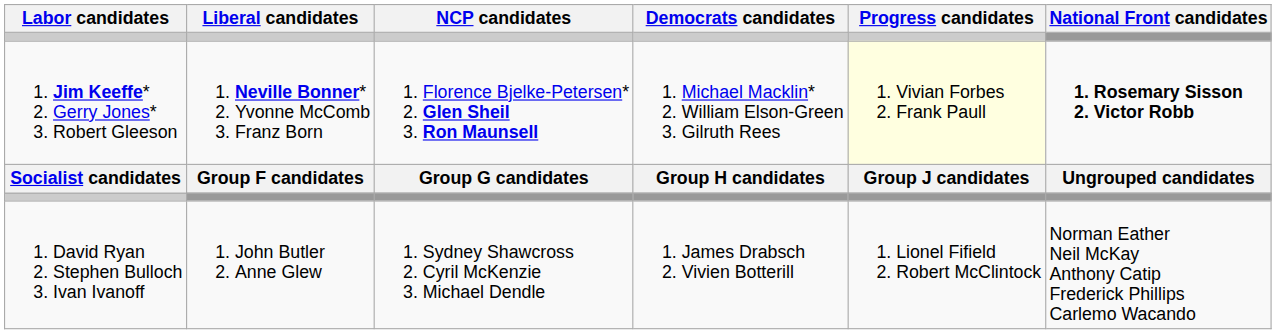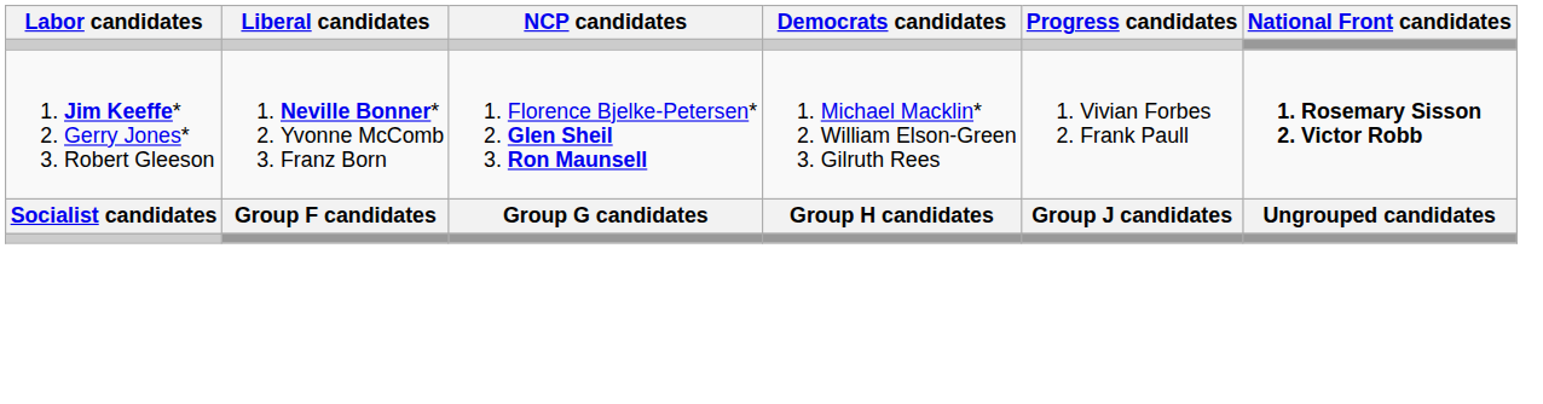 <table class="wikitable">
 <tr>
 <th><a href='#'>Labor</a> candidates</th>
 <th><a href='#'>Liberal</a> candidates</th>
 <th><a href='#'>NCP</a> candidates</th>
 <th><a href='#'>Democrats</a> candidates</th>
 <th><a href='#'>Progress</a> candidates</th>
 <th><a href='#'>National Front</a> candidates</th>
 </tr>
 <tr bgcolor="#cccccc">
 <td></td>
 <td></td>
 <td></td>
 <td></td>
 <td></td>
 <td bgcolor="#999999"></td>
 </tr>
 <tr>
 <td><br><ol><li><strong><a href='#'>Jim Keeffe</a></strong>*</li><li><a href='#'>Gerry Jones</a>*</li><li>Robert Gleeson</li></ol></td>
 <td><br><ol><li><strong><a href='#'>Neville Bonner</a></strong>*</li><li>Yvonne McComb</li><li>Franz Born</li></ol></td>
 <td><br><ol><li><a href='#'>Florence Bjelke-Petersen</a>*</li><li><strong><a href='#'>Glen Sheil</a></strong></li><li><strong><a href='#'>Ron Maunsell</a></strong></li></ol></td>
 <td><br><ol><li><a href='#'>Michael Macklin</a>*</li><li>William Elson-Green</li><li>Gilruth Rees</li></ol></td>
-<td valign=top style="background: lightyellow;"><br><ol><li>Vivian Forbes</li><li>Frank Paull</li></ol></td>
+<td valign=top><br><ol><li>Vivian Forbes</li><li>Frank Paull</li></ol></td>
 <td valign=top><strong><br><ol><li>Rosemary Sisson</li><li>Victor Robb</li></ol></strong></td>
 </tr>
 <tr bgcolor="#cccccc">
 <th><a href='#'>Socialist</a> candidates</th>
 <th>Group F candidates</th>
 <th>Group G candidates</th>
 <th>Group H candidates</th>
 <th>Group J candidates</th>
 <th>Ungrouped candidates</th>
 </tr>
 <tr bgcolor="#cccccc">
 <td></td>
 <td bgcolor="#999999"></td>
 <td bgcolor="#999999"></td>
 <td bgcolor="#999999"></td>
 <td bgcolor="#999999"></td>
 <td bgcolor="#999999"></td>
 </tr>
-<tr>
-<td valign=top><br><ol><li>David Ryan</li><li>Stephen Bulloch</li><li>Ivan Ivanoff</li></ol></td>
-<td valign=top><br><ol><li>John Butler</li><li>Anne Glew</li></ol></td>
-<td valign=top><br><ol><li>Sydney Shawcross</li><li>Cyril McKenzie</li><li>Michael Dendle</li></ol></td>
-<td valign=top><br><ol><li>James Drabsch</li><li>Vivien Botterill</li></ol></td>
-<td valign=top><br><ol><li>Lionel Fifield</li><li>Robert McClintock</li></ol></td>
-<td valign=top><br>Norman Eather<br> Neil McKay<br> Anthony Catip<br> Frederick Phillips<br> Carlemo Wacando</td>
-</tr>
 </table>
